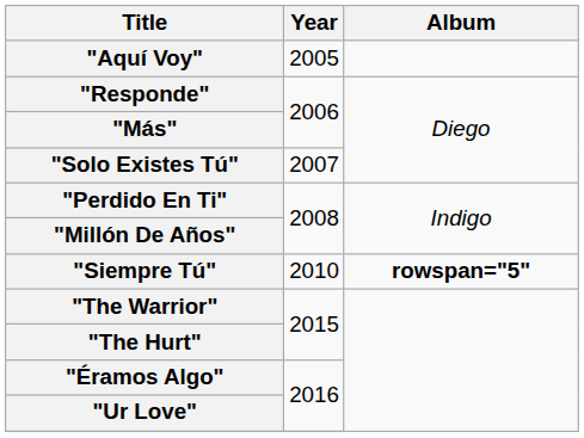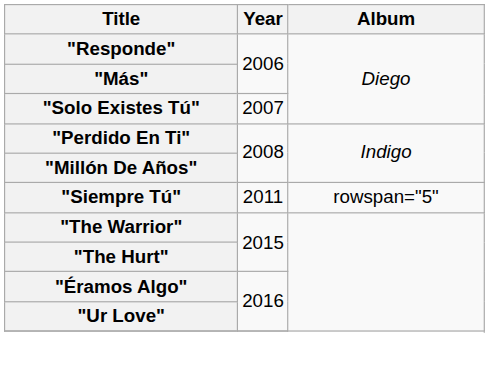 <table class="wikitable plainrowheaders" style="text-align:center;">
 <tr>
 <th scope="col" style="width:12em;">Title</th>
 <th scope="col" style="width:1em;">Year</th>
 <th scope="col" style="width:10em;">Album</th>
-</tr>
-<tr>
-<th scope="row">"Aquí Voy"</th>
-<td>2005</td>
-<td></td>
 </tr>
 <tr>
 <th scope="row">"Responde"</th>
 <td rowspan="2">2006</td>
 <td rowspan="3"><em>Diego</em></td>
 </tr>
 <tr>
 <th scope="row">"Más"</th>
 </tr>
 <tr>
 <th scope="row">"Solo Existes Tú"</th>
 <td>2007</td>
 </tr>
 <tr>
 <th scope="row">"Perdido En Ti"</th>
 <td rowspan="2">2008</td>
 <td rowspan="2"><em>Indigo</em></td>
 </tr>
 <tr>
 <th scope="row">"Millón De Años"</th>
 </tr>
 <tr>
 <th scope="row">"Siempre Tú"</th>
-<td>2010</td>
-<td><strong>rowspan="5" </strong></td>
+<td>2011</td>
+<td>rowspan="5" </td>
 </tr>
 <tr>
 <th scope="row">"The Warrior"</th>
 <td rowspan="2">2015</td>
 </tr>
 <tr>
 <th scope="row">"The Hurt"</th>
 </tr>
 <tr>
 <th scope="row">"Éramos Algo"</th>
 <td rowspan="2">2016</td>
 </tr>
 <tr>
 <th scope="row">"Ur Love"</th>
 </tr>
 <tr>
 </tr>
 </table>
